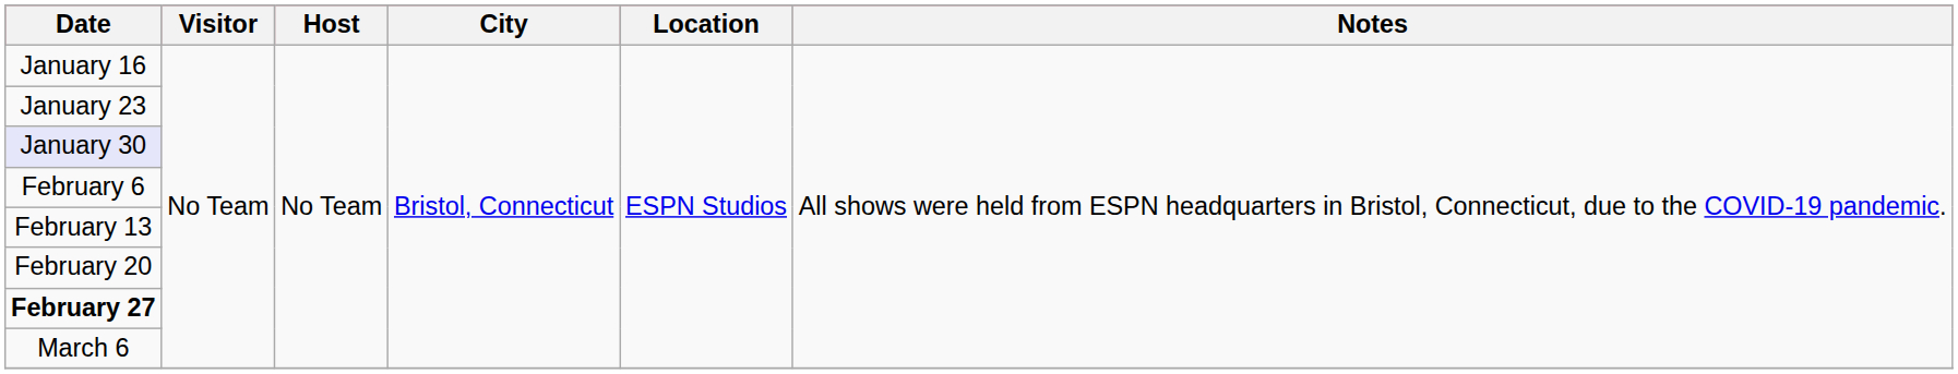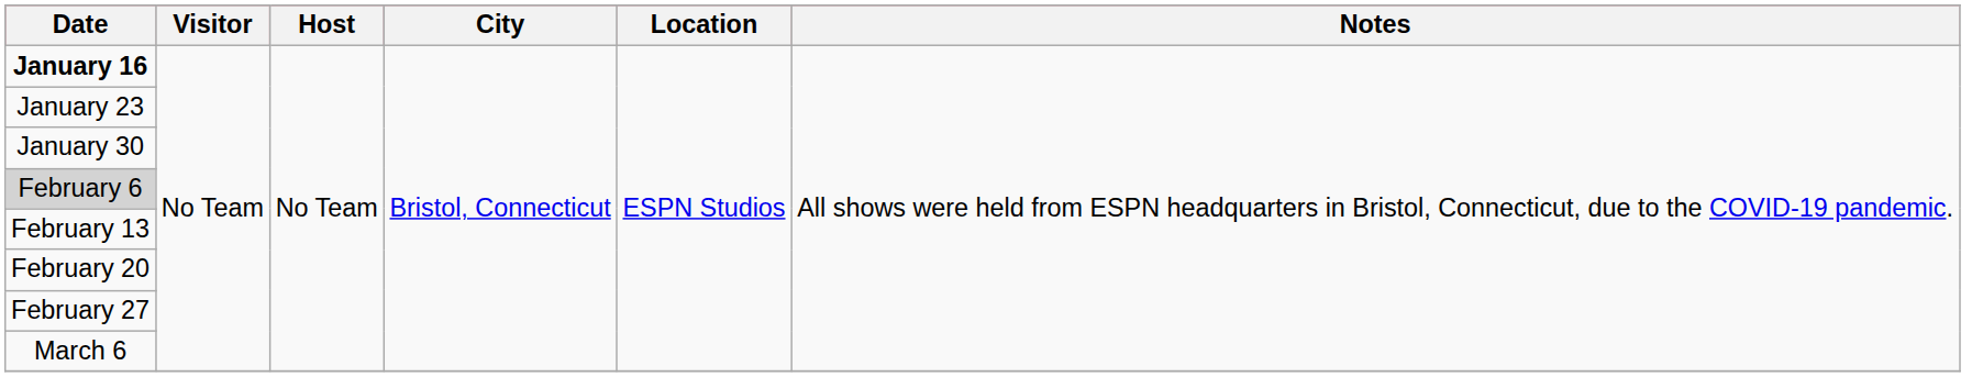 <table class="wikitable" style="text-align:center">
 <tr style="background:#A32638;"|>
 <th>Date</th>
 <th>Visitor</th>
 <th>Host</th>
 <th>City</th>
 <th>Location</th>
 <th>Notes</th>
 </tr>
 <tr>
-<td>January 16</td>
+<td><strong>January 16</strong></td>
 <td rowspan="8">No Team</td>
 <td rowspan="8">No Team</td>
 <td rowspan="8"><a href='#'>Bristol, Connecticut</a></td>
 <td rowspan="8"><a href='#'>ESPN Studios</a></td>
 <td rowspan="8">All shows were held from ESPN headquarters in Bristol, Connecticut, due to the <a href='#'>COVID-19 pandemic</a>.</td>
 </tr>
 <tr>
 <td>January 23</td>
 </tr>
 <tr>
-<td style="background: lavender;">January 30</td>
+<td>January 30</td>
 </tr>
 <tr>
-<td>February 6</td>
+<td style="background: lightgrey;">February 6</td>
 </tr>
 <tr>
 <td>February 13</td>
 </tr>
 <tr>
 <td>February 20</td>
 </tr>
 <tr>
-<td><strong>February 27</strong></td>
+<td>February 27</td>
 </tr>
 <tr>
 <td>March 6</td>
 </tr>
 <tr>
 </tr>
 </table>
